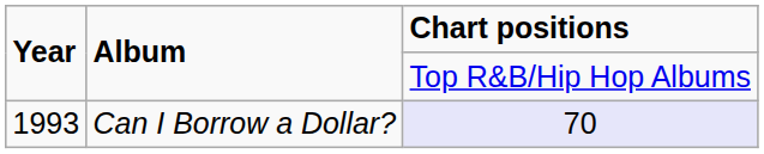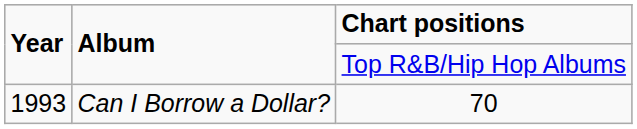 <table class="wikitable">
 <tr>
 <td rowspan="2"><strong>Year</strong></td>
 <td rowspan="2"><strong>Album</strong></td>
 <td colspan="2"><strong>Chart positions</strong></td>
 </tr>
 <tr>
 <td><a href='#'>Top R&B/Hip Hop Albums</a></td>
 </tr>
 <tr>
 <td>1993</td>
 <td><em>Can I Borrow a Dollar?</em></td>
-<td style="background: lavender; text-align:center; vertical-align:top;">70</td>
+<td style="text-align:center; vertical-align:top;">70</td>
 </tr>
 </table>
